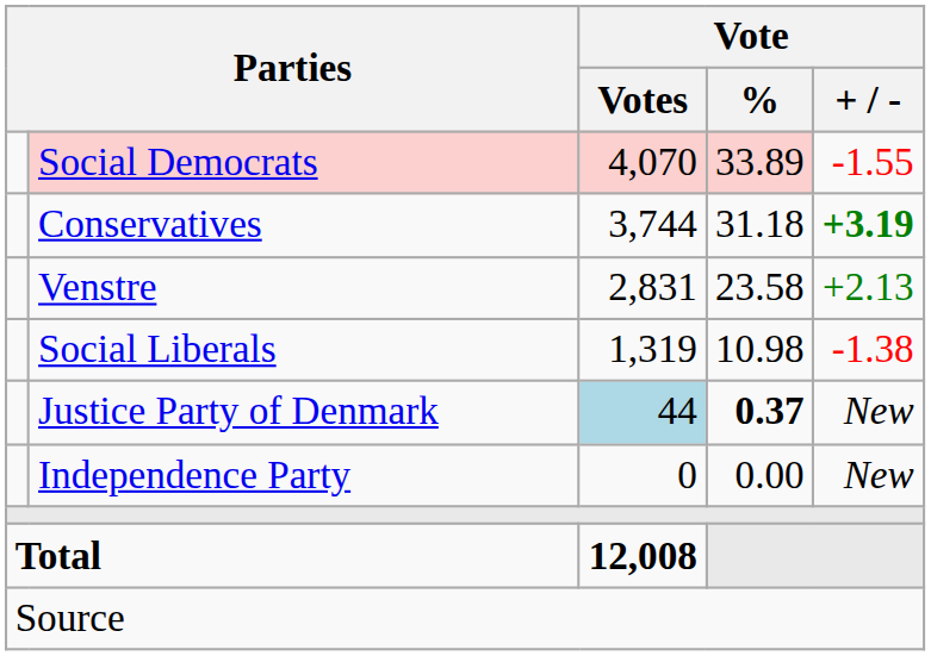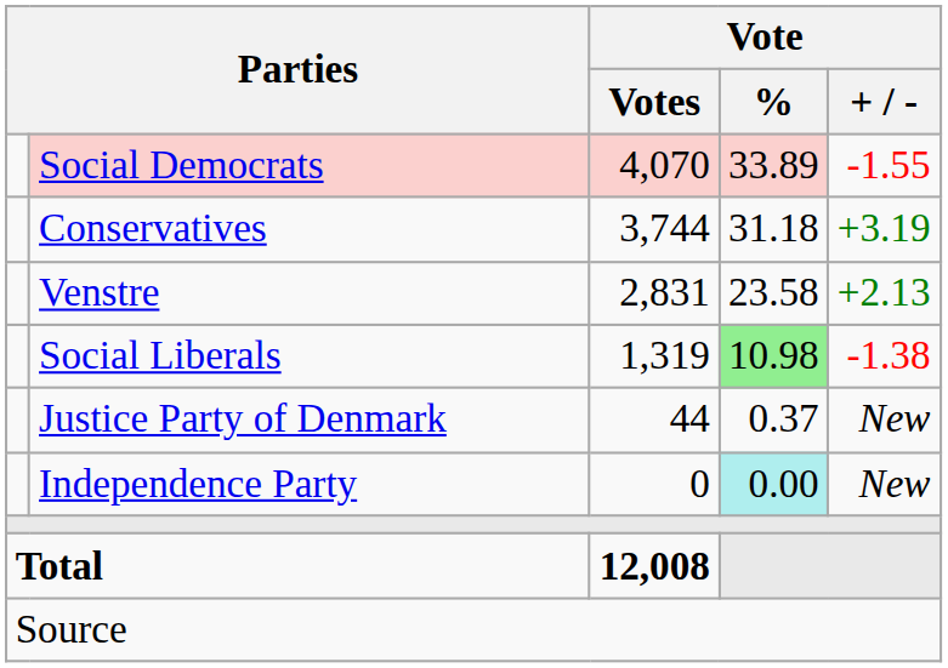 <table class="wikitable" style="text-align:right;">
 <tr>
 <th style="text-align:centre;" rowspan="2" colspan="2" width="225">Parties</th>
 <th colspan="3">Vote</th>
 </tr>
 <tr>
 <th width="15">Votes</th>
 <th width="15">%</th>
 <th width="15">+ / -</th>
 </tr>
 <tr>
 <td width="2" style="color:inherit;background:"></td>
 <td bgcolor=#fbd0ce  align="left"><a href='#'>Social Democrats</a></td>
 <td bgcolor=#fbd0ce>4,070</td>
 <td bgcolor=#fbd0ce>33.89</td>
 <td style=color:red;>-1.55</td>
 </tr>
 <tr>
 <td width="2" style="color:inherit;background:"></td>
 <td align="left"><a href='#'>Conservatives</a></td>
 <td>3,744</td>
 <td>31.18</td>
-<td style=color:green;><strong>+3.19</strong></td>
+<td style=color:green;>+3.19</td>
 </tr>
 <tr>
 <td width="2" style="color:inherit;background:"></td>
 <td align="left"><a href='#'>Venstre</a></td>
 <td>2,831</td>
 <td>23.58</td>
 <td style=color:green;>+2.13</td>
 </tr>
 <tr>
 <td width="2" style="color:inherit;background:"></td>
 <td align="left"><a href='#'>Social Liberals</a></td>
 <td>1,319</td>
-<td>10.98</td>
+<td style="background: lightgreen;">10.98</td>
 <td style=color:red;>-1.38</td>
 </tr>
 <tr>
 <td width="2" style="color:inherit;background:"></td>
 <td align="left"><a href='#'>Justice Party of Denmark</a></td>
-<td style="background: lightblue;">44</td>
-<td><strong>0.37</strong></td>
+<td>44</td>
+<td>0.37</td>
 <td><em>New</em></td>
 </tr>
 <tr>
 <td width="2" style="color:inherit;background:"></td>
 <td align="left"><a href='#'>Independence Party</a></td>
 <td>0</td>
-<td>0.00</td>
+<td style="background: paleturquoise;">0.00</td>
 <td><em>New</em></td>
 </tr>
 <tr>
 <td colspan="7" bgcolor="#E9E9E9"></td>
 </tr>
 <tr>
 <td align="left" colspan="2"><strong>Total</strong></td>
 <td><strong>12,008</strong></td>
 <td bgcolor="#E9E9E9" colspan="2"></td>
 </tr>
 <tr>
 <td align="left" colspan="6">Source</td>
 </tr>
 </table>
